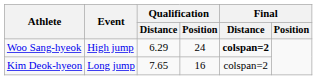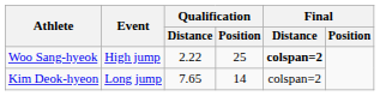 <table class=wikitable style="font-size:90%">
 <tr>
 <th rowspan="2">Athlete</th>
 <th rowspan="2">Event</th>
 <th colspan="2">Qualification</th>
 <th colspan="2">Final</th>
 </tr>
 <tr style="font-size:95%">
 <th>Distance</th>
 <th>Position</th>
 <th>Distance</th>
 <th>Position</th>
 </tr>
 <tr style=text-align:center>
 <td style=text-align:left><a href='#'>Woo Sang-hyeok</a></td>
 <td style=text-align:left><a href='#'>High jump</a></td>
-<td>6.29</td>
-<td>24</td>
+<td>2.22</td>
+<td>25</td>
 <td><strong>colspan=2 </strong></td>
 </tr>
 <tr style=text-align:center>
 <td style=text-align:left><a href='#'>Kim Deok-hyeon</a></td>
 <td style=text-align:left rowspan=4><a href='#'>Long jump</a></td>
 <td>7.65</td>
-<td>16</td>
+<td>14</td>
 <td>colspan=2 </td>
 </tr>
 </table>
